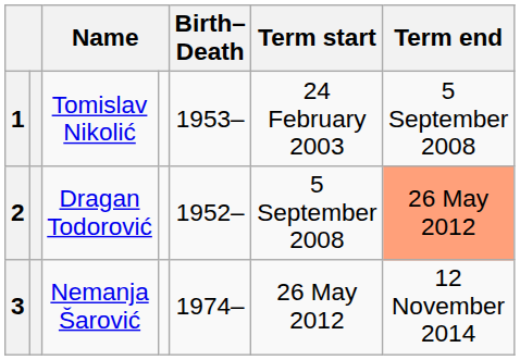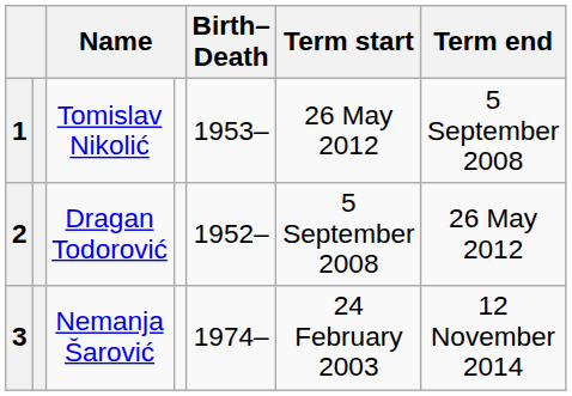 <table class="wikitable" style="text-align:center; width:41%">
 <tr>
 <th colspan="2"></th>
 <th colspan="2">Name</th>
 <th>Birth–Death</th>
 <th>Term start</th>
 <th>Term end</th>
 </tr>
 <tr>
 <th>1</th>
 <th style="background:"></th>
 <td><a href='#'>Tomislav Nikolić</a></td>
 <td></td>
 <td>1953–</td>
-<td>24 February 2003</td>
+<td>26 May 2012</td>
 <td>5 September 2008</td>
 </tr>
 <tr>
 <th>2</th>
 <th style="background:"></th>
 <td><a href='#'>Dragan Todorović</a></td>
 <td></td>
 <td>1952–</td>
 <td>5 September 2008</td>
-<td style="background: lightsalmon;">26 May 2012</td>
+<td>26 May 2012</td>
 </tr>
 <tr>
 <th>3</th>
 <th style="background:"></th>
 <td><a href='#'>Nemanja Šarović</a></td>
 <td></td>
 <td>1974–</td>
-<td>26 May 2012</td>
+<td>24 February 2003</td>
 <td>12 November 2014</td>
 </tr>
 </table>
